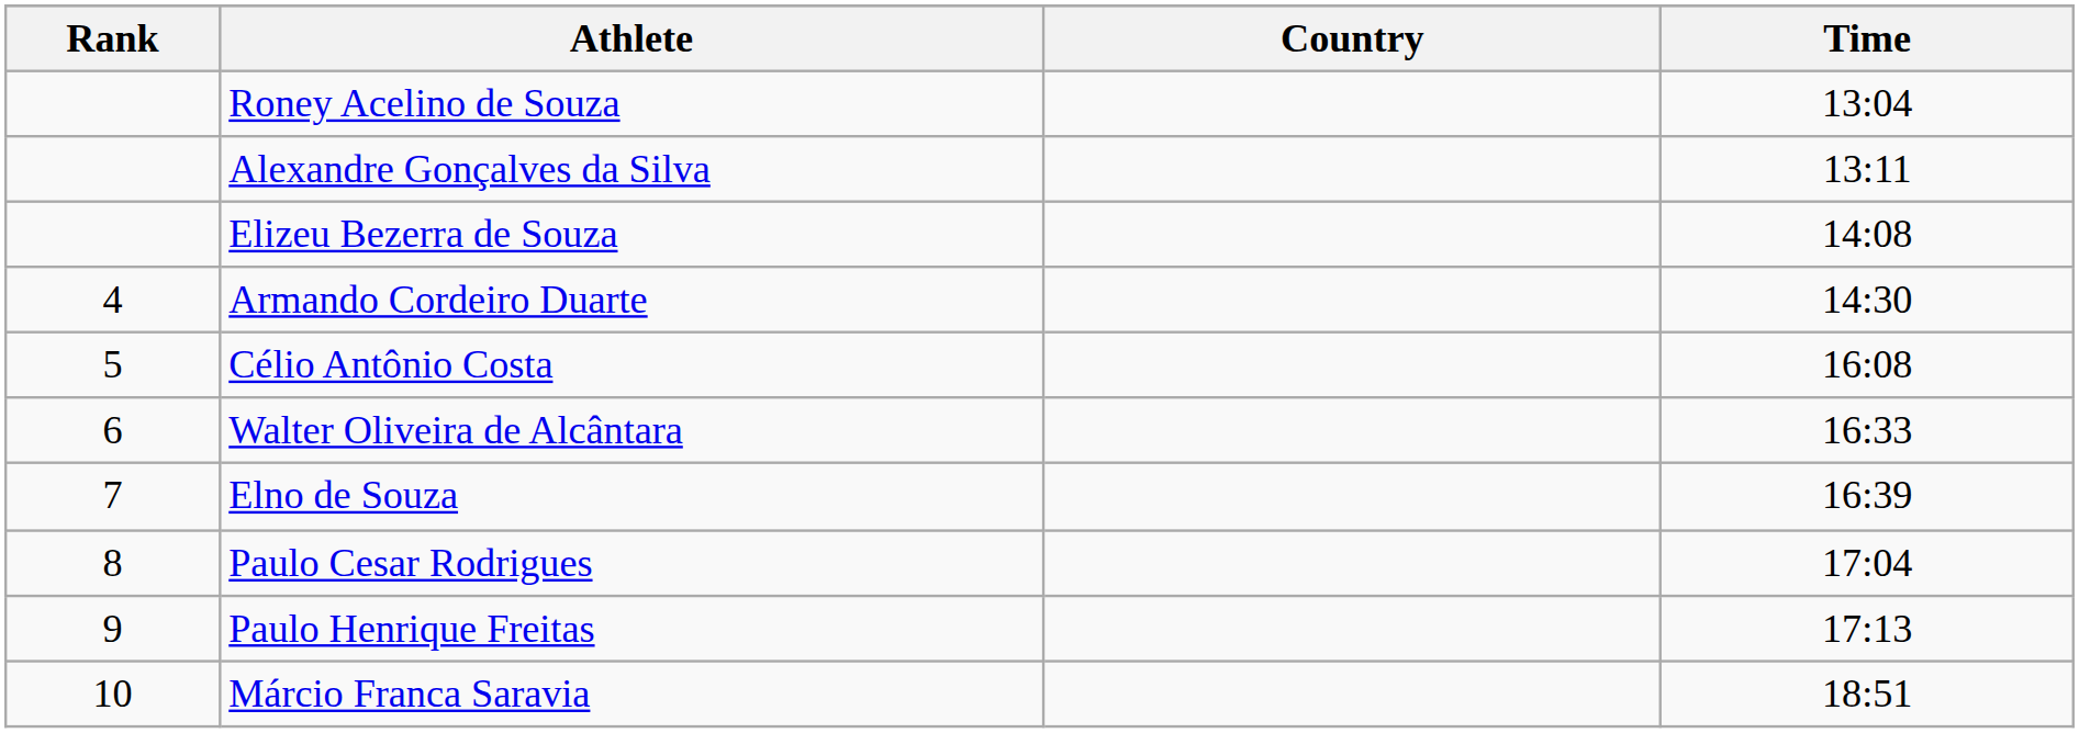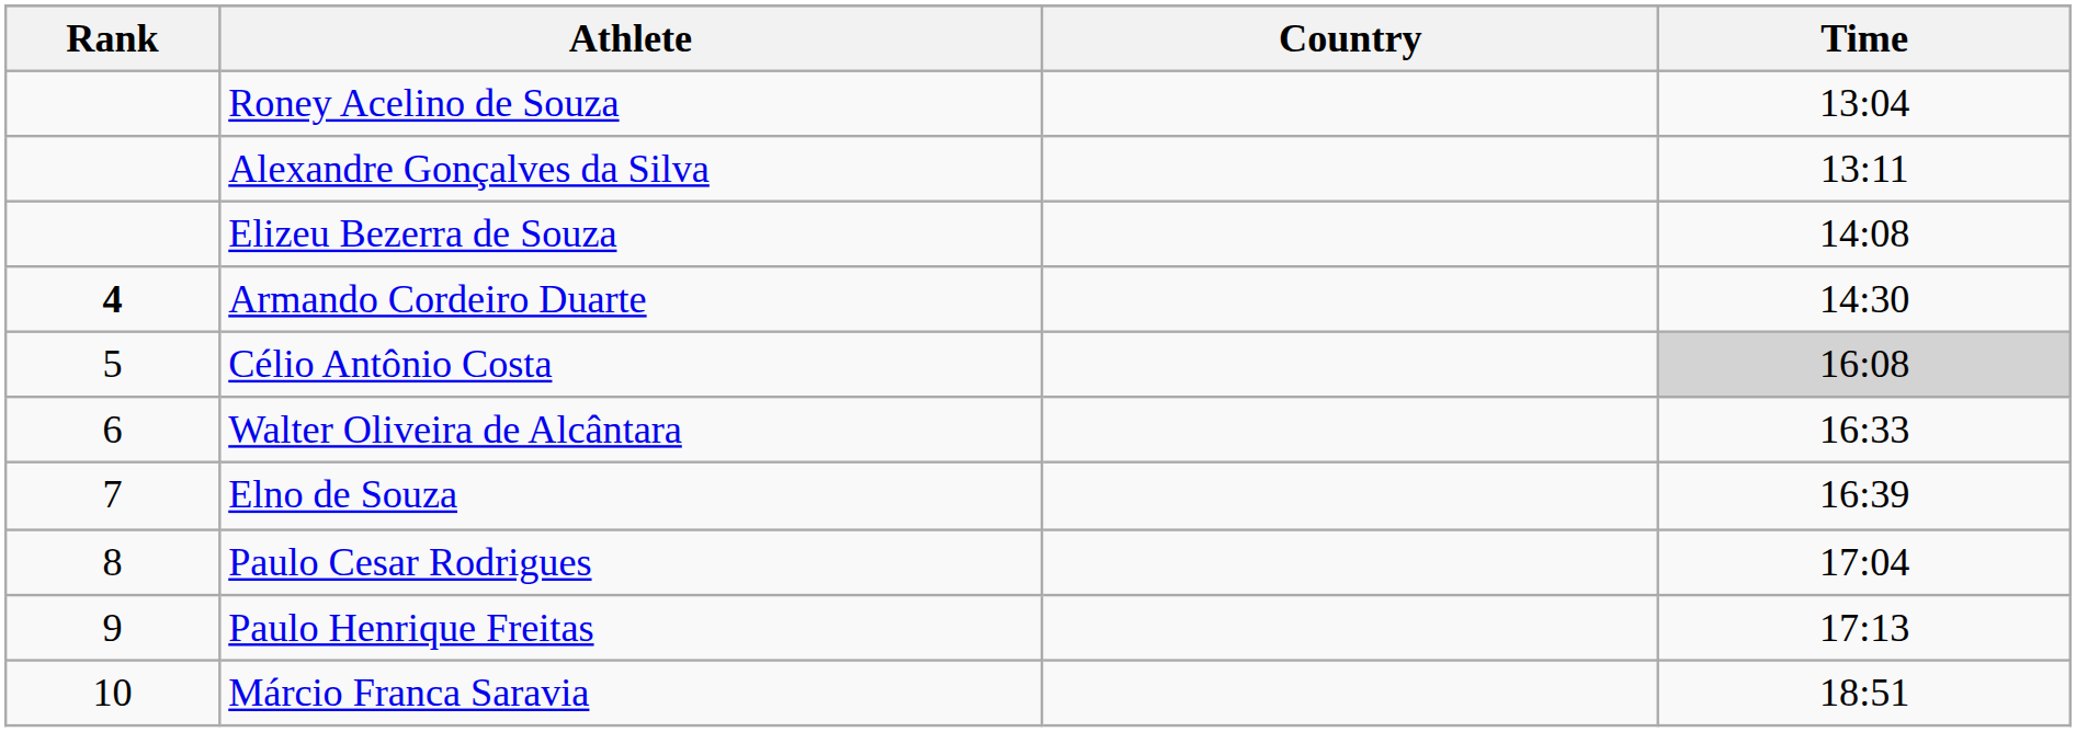 <table class="wikitable sortable" style=" text-align:center; font-size:95%;" width="50%">
 <tr>
 </tr>
 <tr>
 <th width=5%>Rank</th>
 <th width=20%>Athlete</th>
 <th width=15%>Country</th>
 <th width=10%>Time</th>
 </tr>
 <tr>
 <td align=center></td>
 <td align=left><a href='#'>Roney Acelino de Souza</a></td>
 <td align=left></td>
 <td>13:04</td>
 </tr>
 <tr>
 <td align=center></td>
 <td align=left><a href='#'>Alexandre Gonçalves da Silva</a></td>
 <td align=left></td>
 <td>13:11</td>
 </tr>
 <tr>
 <td align=center></td>
 <td align=left><a href='#'>Elizeu Bezerra de Souza</a></td>
 <td align=left></td>
 <td>14:08</td>
 </tr>
 <tr>
-<td align=center>4</td>
+<td align=center><strong>4</strong></td>
 <td align=left><a href='#'>Armando Cordeiro Duarte</a></td>
 <td align=left></td>
 <td>14:30</td>
 </tr>
 <tr>
 <td align=center>5</td>
 <td align=left><a href='#'>Célio Antônio Costa</a></td>
 <td align=left></td>
-<td>16:08</td>
+<td style="background: lightgrey;">16:08</td>
 </tr>
 <tr>
 <td align=center>6</td>
 <td align=left><a href='#'>Walter Oliveira de Alcântara</a></td>
 <td align=left></td>
 <td>16:33</td>
 </tr>
 <tr>
 <td align=center>7</td>
 <td align=left><a href='#'>Elno de Souza</a></td>
 <td align=left></td>
 <td>16:39</td>
 </tr>
 <tr>
 <td align=center>8</td>
 <td align=left><a href='#'>Paulo Cesar Rodrigues</a></td>
 <td align=left></td>
 <td>17:04</td>
 </tr>
 <tr>
 <td align=center>9</td>
 <td align=left><a href='#'>Paulo Henrique Freitas</a></td>
 <td align=left></td>
 <td>17:13</td>
 </tr>
 <tr>
 <td align=center>10</td>
 <td align=left><a href='#'>Márcio Franca Saravia</a></td>
 <td align=left></td>
 <td>18:51</td>
 </tr>
 </table>
